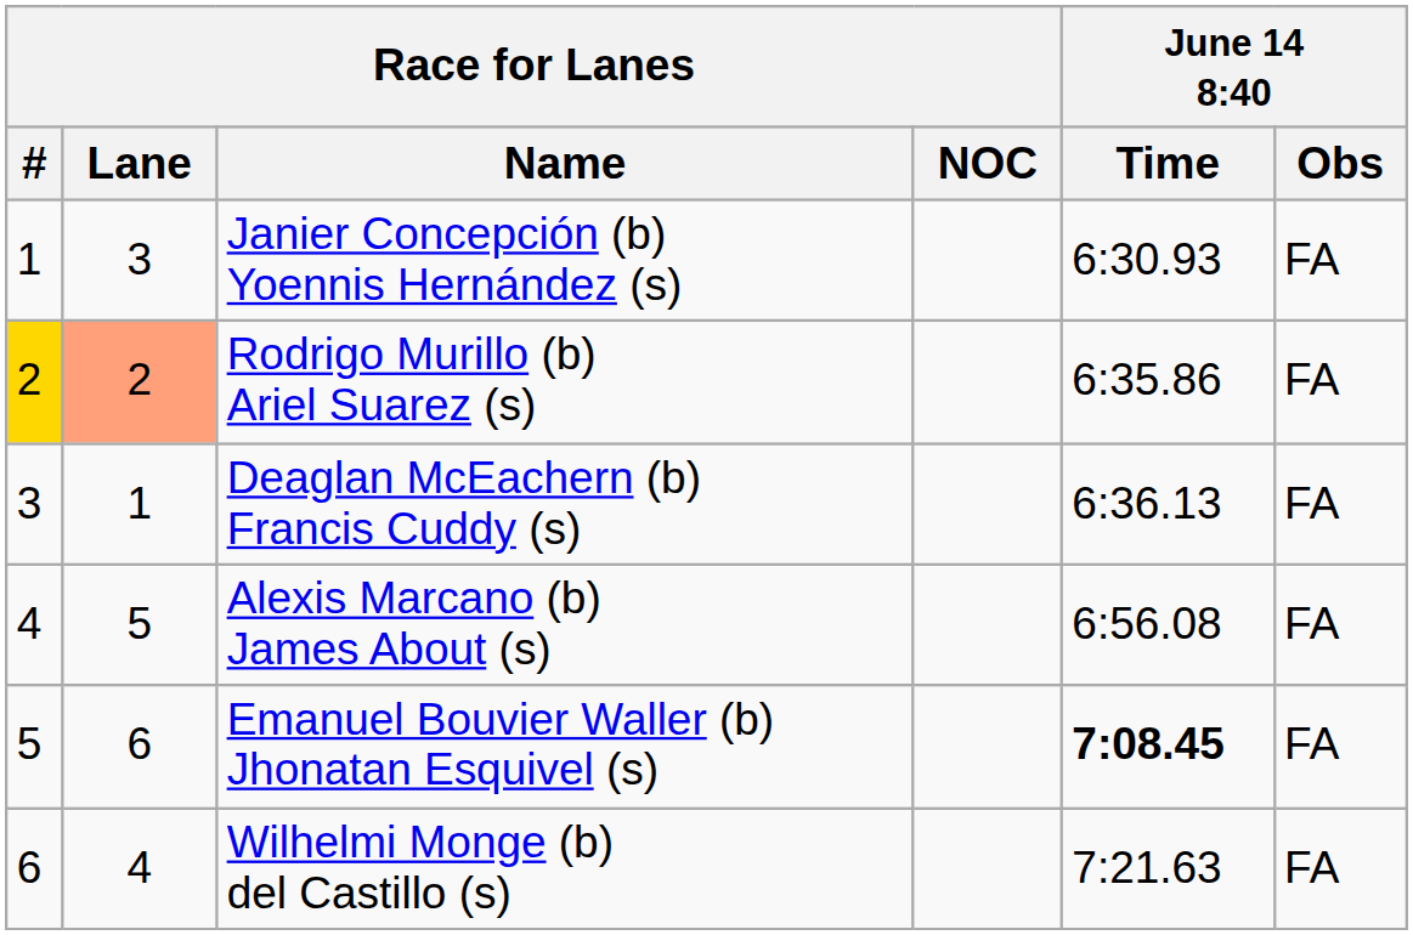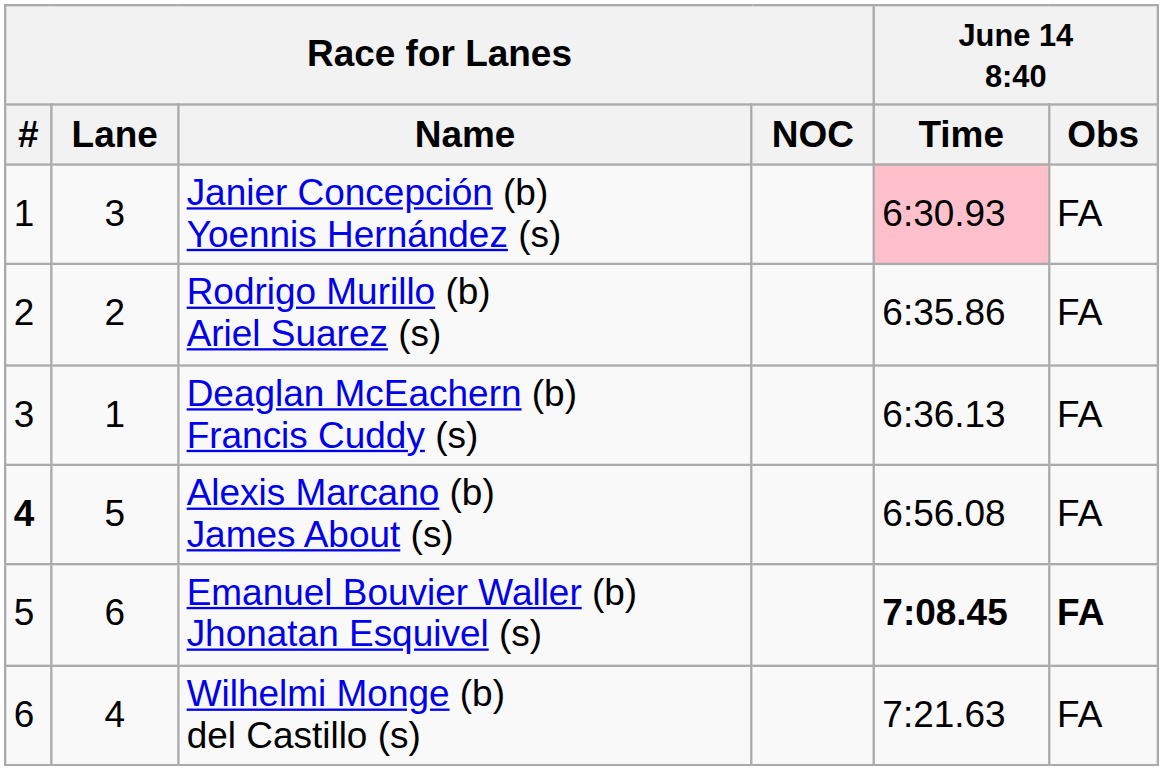 <table class="wikitable" width=500>
 <tr>
 <th colspan=4>Race for Lanes</th>
 <th colspan=2><small>June 14<br>8:40</small></th>
 </tr>
 <tr>
 <th>#</th>
 <th>Lane</th>
 <th>Name</th>
 <th>NOC</th>
 <th>Time</th>
 <th>Obs</th>
 </tr>
 <tr>
 <td>1</td>
 <td align=center>3</td>
 <td><a href='#'>Janier Concepción</a> (b)<br><a href='#'>Yoennis Hernández</a> (s)</td>
 <td></td>
-<td>6:30.93</td>
+<td style="background: pink;">6:30.93</td>
 <td>FA</td>
 </tr>
 <tr>
-<td style="background: gold;">2</td>
-<td align=center style="background: lightsalmon;">2</td>
+<td>2</td>
+<td align=center>2</td>
 <td><a href='#'>Rodrigo Murillo</a> (b)<br><a href='#'>Ariel Suarez</a> (s)</td>
 <td></td>
 <td>6:35.86</td>
 <td>FA</td>
 </tr>
 <tr>
 <td>3</td>
 <td align=center>1</td>
 <td><a href='#'>Deaglan McEachern</a> (b) <br> <a href='#'>Francis Cuddy</a> (s)</td>
 <td></td>
 <td>6:36.13</td>
 <td>FA</td>
 </tr>
 <tr>
-<td>4</td>
+<td><strong>4</strong></td>
 <td align=center>5</td>
 <td><a href='#'>Alexis Marcano</a> (b) <br> <a href='#'>James About</a> (s)</td>
 <td></td>
 <td>6:56.08</td>
 <td>FA</td>
 </tr>
 <tr>
 <td>5</td>
 <td align=center>6</td>
 <td><a href='#'>Emanuel Bouvier Waller</a> (b) <br> <a href='#'>Jhonatan Esquivel</a> (s)</td>
 <td></td>
 <td><strong>7:08.45</strong></td>
-<td>FA</td>
+<td><strong>FA</strong></td>
 </tr>
 <tr>
 <td>6</td>
 <td align=center>4</td>
 <td><a href='#'>Wilhelmi Monge</a> (b) <br> del Castillo (s)</td>
 <td></td>
 <td>7:21.63</td>
 <td>FA</td>
 </tr>
 </table>
